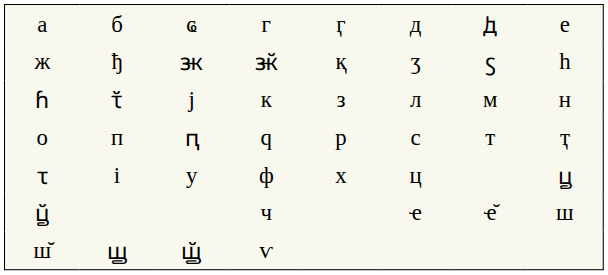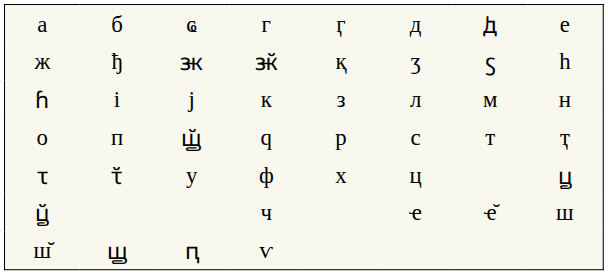 <table style="font-family:Arial Unicode MS; font-size:1.4em; border-color:#000000; border-width:1px; border-style:solid; border-collapse:collapse; background-color:#F8F8EF">
 <tr>
 <td style="width:3em; text-align:center; padding: 3px;">а</td>
 <td style="width:3em; text-align:center; padding: 3px;">б</td>
 <td style="width:3em; text-align:center; padding: 3px;">ҩ</td>
 <td style="width:3em; text-align:center; padding: 3px;">г</td>
 <td style="width:3em; text-align:center; padding: 3px;">ӷ</td>
 <td style="width:3em; text-align:center; padding: 3px;">д</td>
 <td style="width:3em; text-align:center; padding: 3px;">ꚁ</td>
 <td style="width:3em; text-align:center; padding: 3px;">е</td>
 </tr>
 <tr>
 <td style="width:3em; text-align:center; padding: 3px;">ж</td>
 <td style="width:3em; text-align:center; padding: 3px;">ђ</td>
 <td style="width:3em; text-align:center; padding: 3px;">ꚅ</td>
 <td style="width:3em; text-align:center; padding: 3px;">ꚅ̆</td>
 <td style="width:3em; text-align:center; padding: 3px;">қ</td>
 <td style="width:3em; text-align:center; padding: 3px;">ӡ</td>
 <td style="width:3em; text-align:center; padding: 3px;">ꚃ</td>
 <td style="width:3em; text-align:center; padding: 3px;">һ</td>
 </tr>
 <tr>
 <td style="width:3em; text-align:center; padding: 3px;">ꚕ</td>
-<td style="width:3em; text-align:center; padding: 3px;">ꚍ̆</td>
+<td style="width:3em; text-align:center; padding: 3px;">і</td>
 <td style="width:3em; text-align:center; padding: 3px;">ј</td>
 <td style="width:3em; text-align:center; padding: 3px;">к</td>
 <td style="width:3em; text-align:center; padding: 3px;">з</td>
 <td style="width:3em; text-align:center; padding: 3px;">л</td>
 <td style="width:3em; text-align:center; padding: 3px;">м</td>
 <td style="width:3em; text-align:center; padding: 3px;">н</td>
 </tr>
 <tr>
 <td style="width:3em; text-align:center; padding: 3px;">о</td>
 <td style="width:3em; text-align:center; padding: 3px;">п</td>
-<td style="width:3em; text-align:center; padding: 3px;">ԥ</td>
+<td style="width:3em; text-align:center; padding: 3px;">ꚗ̆</td>
 <td style="width:3em; text-align:center; padding: 3px;">ԛ</td>
 <td style="width:3em; text-align:center; padding: 3px;">р</td>
 <td style="width:3em; text-align:center; padding: 3px;">с</td>
 <td style="width:3em; text-align:center; padding: 3px;">т</td>
 <td style="width:3em; text-align:center; padding: 3px;">ҭ</td>
 </tr>
 <tr>
 <td style="width:3em; text-align:center; padding: 3px;">ꚍ</td>
-<td style="width:3em; text-align:center; padding: 3px;">і</td>
+<td style="width:3em; text-align:center; padding: 3px;">ꚍ̆</td>
 <td style="width:3em; text-align:center; padding: 3px;">у</td>
 <td style="width:3em; text-align:center; padding: 3px;">ф</td>
 <td style="width:3em; text-align:center; padding: 3px;">х</td>
 <td style="width:3em; text-align:center; padding: 3px;">ц</td>
 <td style="width:3em; text-align:center; padding: 3px;"></td>
 <td style="width:3em; text-align:center; padding: 3px;">ꚏ</td>
 </tr>
 <tr>
 <td style="width:3em; text-align:center; padding: 3px;">ꚏ̆</td>
 <td style="width:3em; text-align:center; padding: 3px;"></td>
 <td style="width:3em; text-align:center; padding: 3px;"></td>
 <td style="width:3em; text-align:center; padding: 3px;">ч</td>
 <td style="width:3em; text-align:center; padding: 3px;"></td>
 <td style="width:3em; text-align:center; padding: 3px;">ҽ</td>
 <td style="width:3em; text-align:center; padding: 3px;">ҽ̆</td>
 <td style="width:3em; text-align:center; padding: 3px;">ш</td>
 </tr>
 <tr>
 <td style="width:3em; text-align:center; padding: 3px;">ш̆</td>
 <td style="width:3em; text-align:center; padding: 3px;">ꚗ</td>
-<td style="width:3em; text-align:center; padding: 3px;">ꚗ̆</td>
+<td style="width:3em; text-align:center; padding: 3px;">ԥ</td>
 <td style="width:3em; text-align:center; padding: 3px;">ѵ</td>
 <td></td>
 <td></td>
 <td></td>
 <td></td>
 </tr>
 </table>
